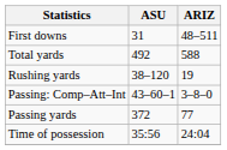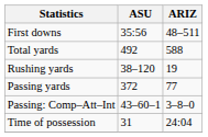 <table class="wikitable" style="float: left;">
 <tr>
 <th>Statistics</th>
 <th>ASU</th>
 <th>ARIZ</th>
 </tr>
 <tr>
 <td>First downs</td>
-<td>31</td>
+<td>35:56</td>
 <td>48–511</td>
 </tr>
 <tr>
 <td>Total yards</td>
 <td>492</td>
 <td>588</td>
 </tr>
 <tr>
 <td>Rushing yards</td>
 <td>38–120</td>
 <td>19</td>
 </tr>
 <tr>
+<td>Passing yards</td>
+<td>372</td>
+<td>77</td>
+</tr>
+<tr>
 <td>Passing: Comp–Att–Int</td>
 <td>43–60–1</td>
 <td>3–8–0</td>
 </tr>
 <tr>
-<td>Passing yards</td>
-<td>372</td>
-<td>77</td>
-</tr>
-<tr>
 <td>Time of possession</td>
-<td>35:56</td>
+<td>31</td>
 <td>24:04</td>
 </tr>
 <tr>
 </tr>
 </table>
